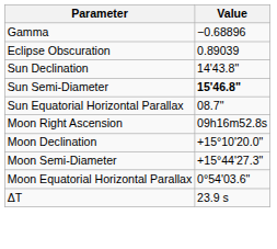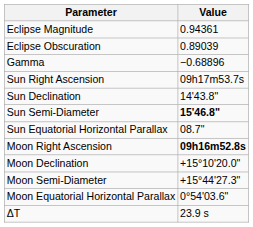 <table class="wikitable">
 <tr>
 <th>Parameter</th>
 <th>Value</th>
 </tr>
 <tr>
+<td>Eclipse Magnitude</td>
+<td>0.94361</td>
+</tr>
+<tr>
+<td>Eclipse Obscuration</td>
+<td>0.89039</td>
+</tr>
+<tr>
 <td>Gamma</td>
 <td>−0.68896</td>
 </tr>
 <tr>
-<td>Eclipse Obscuration</td>
-<td>0.89039</td>
+<td>Sun Right Ascension</td>
+<td>09h17m53.7s</td>
 </tr>
 <tr>
 <td>Sun Declination</td>
 <td>14'43.8"</td>
 </tr>
 <tr>
 <td>Sun Semi-Diameter</td>
 <td><strong>15'46.8"</strong></td>
 </tr>
 <tr>
 <td>Sun Equatorial Horizontal Parallax</td>
 <td>08.7"</td>
 </tr>
 <tr>
 <td>Moon Right Ascension</td>
-<td>09h16m52.8s</td>
+<td><strong>09h16m52.8s</strong></td>
 </tr>
 <tr>
 <td>Moon Declination</td>
 <td>+15°10'20.0"</td>
 </tr>
 <tr>
 <td>Moon Semi-Diameter</td>
 <td>+15°44'27.3"</td>
 </tr>
 <tr>
 <td>Moon Equatorial Horizontal Parallax</td>
 <td>0°54'03.6"</td>
 </tr>
 <tr>
 <td>ΔT</td>
 <td>23.9 s</td>
 </tr>
 </table>
